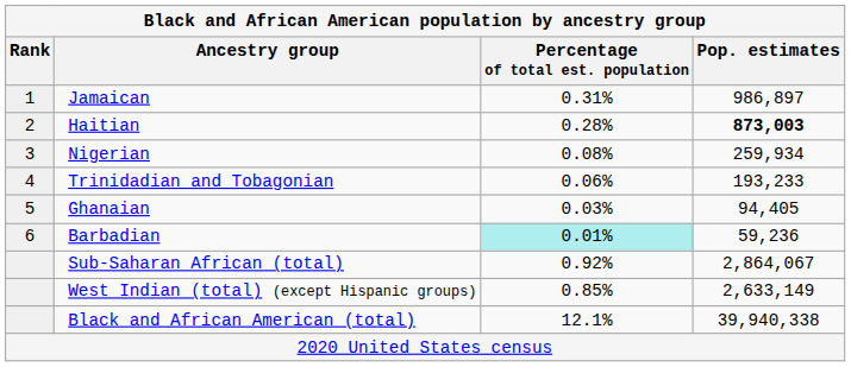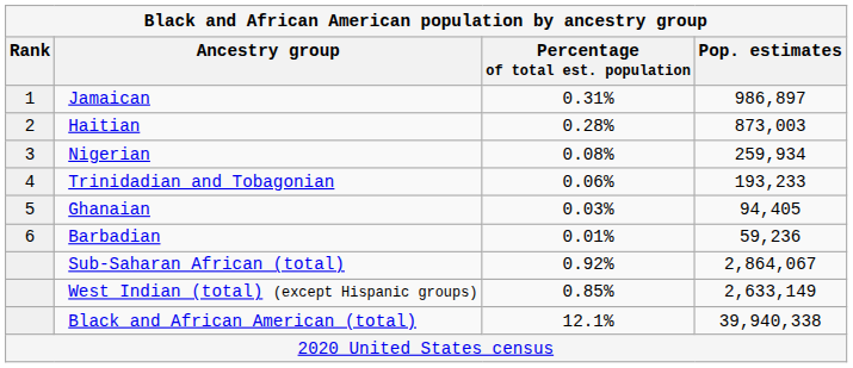 <table class="wikitable" style="text-align:center; margin-right:10px; font-size:100%">
 <tr>
 <th colspan="5" style="padding:0.3em 0; line-height:1.2em; background:#f5f5f5;">Black and African American population by ancestry group</th>
 </tr>
 <tr style="background:#f5f5f5;" valign="top">
 <th>Rank</th>
 <th>Ancestry group</th>
 <th>Percentage<br><small>of total est. population</small></th>
 <th>Pop. estimates</th>
 </tr>
 <tr valign="top">
 <td style="background:#f0f0f0; text-align: center;">1</td>
 <td style="text-align: left; padding-left: 10px;"><a href='#'>Jamaican</a></td>
 <td>0.31%</td>
 <td>986,897</td>
 </tr>
 <tr valign="top">
 <td style="background:#f0f0f0; text-align: center;">2</td>
 <td style="text-align: left; padding-left: 10px;"><a href='#'>Haitian</a></td>
 <td>0.28%</td>
-<td><strong>873,003</strong></td>
+<td>873,003</td>
 </tr>
 <tr valign="top">
 <td style="background:#f0f0f0; text-align: center;">3</td>
 <td style="text-align: left; padding-left: 10px;"><a href='#'>Nigerian</a></td>
 <td>0.08%</td>
 <td>259,934</td>
 </tr>
 <tr valign="top">
 <td style="background:#f0f0f0; text-align: center;">4</td>
 <td style="text-align: left; padding-left: 10px;"><a href='#'>Trinidadian and Tobagonian</a></td>
 <td>0.06%</td>
 <td>193,233</td>
 </tr>
 <tr valign="top">
 <td style="background:#f0f0f0; text-align: center;">5</td>
 <td style="text-align: left; padding-left: 10px;"><a href='#'>Ghanaian</a></td>
 <td>0.03%</td>
 <td>94,405</td>
 </tr>
 <tr valign="top">
 <td style="background:#f0f0f0; text-align: center;">6</td>
 <td style="text-align: left; padding-left: 10px;"><a href='#'>Barbadian</a></td>
-<td style="background: paleturquoise;">0.01%</td>
+<td>0.01%</td>
 <td>59,236</td>
 </tr>
 <tr valign="top">
 <td style="background:#f0f0f0; text-align: center;"></td>
 <td style="text-align: left; padding-left: 10px;"><a href='#'>Sub-Saharan African (total)</a></td>
 <td>0.92%</td>
 <td>2,864,067</td>
 </tr>
 <tr valign="top">
 <td style="background:#f0f0f0; text-align: center;"></td>
 <td style="text-align: left; padding-left: 10px;"><a href='#'>West Indian (total)</a> <small>(except Hispanic groups)</small></td>
 <td>0.85%</td>
 <td>2,633,149</td>
 </tr>
 <tr valign="top">
 <td style="background:#f0f0f0; text-align: center;"></td>
 <td style="text-align: left; padding-left: 10px;"><a href='#'>Black and African American (total)</a></td>
 <td>12.1%</td>
 <td>39,940,338</td>
 </tr>
 <tr valign="top">
 <td colspan="4" style="background:#f5f5f5; text-align: center;"><a href='#'>2020 United States census</a></td>
 </tr>
 </table>
